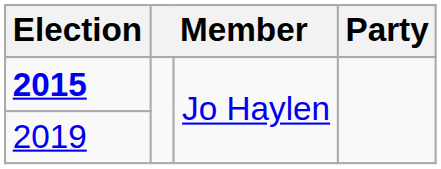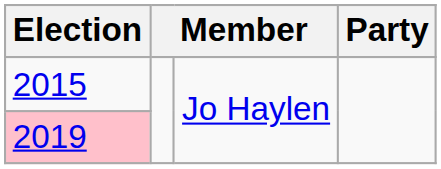 <table class="wikitable">
 <tr>
 <th>Election</th>
 <th colspan=2>Member</th>
 <th>Party</th>
 </tr>
 <tr>
-<td><strong><a href='#'>2015</a></strong></td>
+<td><a href='#'>2015</a></td>
 <td rowspan="2" > </td>
 <td rowspan="2"><a href='#'>Jo Haylen</a></td>
 <td rowspan="2"></td>
 </tr>
 <tr>
-<td><a href='#'>2019</a></td>
+<td style="background: pink;"><a href='#'>2019</a></td>
 </tr>
 </table>
